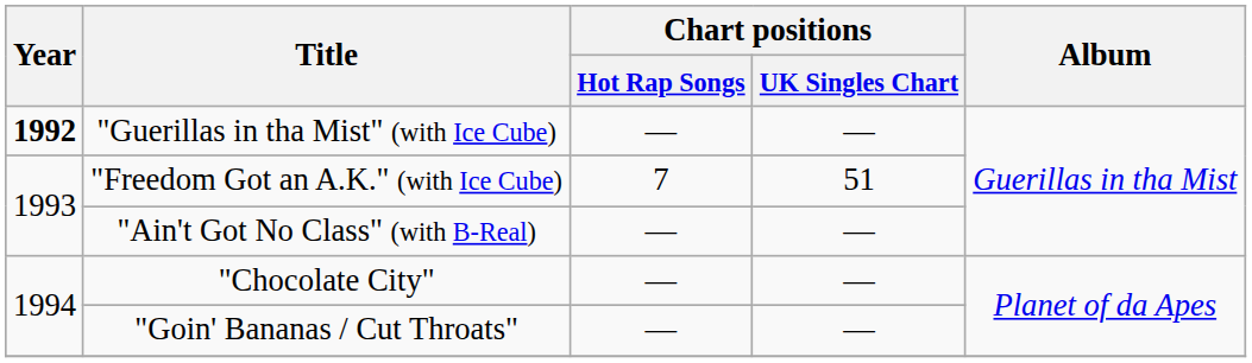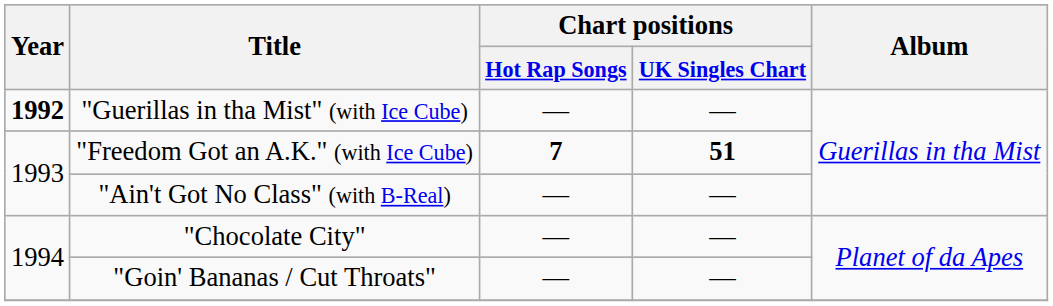 <table class="wikitable" style="text-align:center">
 <tr>
 <th rowspan="2">Year</th>
 <th rowspan="2">Title</th>
 <th colspan="2">Chart positions</th>
 <th rowspan="2">Album</th>
 </tr>
 <tr>
 <th><small><a href='#'>Hot Rap Songs</a></small></th>
 <th><small><a href='#'>UK Singles Chart</a></small></th>
 </tr>
 <tr>
 <td><strong>1992</strong></td>
 <td>"Guerillas in tha Mist" <small>(with <a href='#'>Ice Cube</a>)</small></td>
 <td>—</td>
 <td>—</td>
 <td rowspan="3"><em><a href='#'>Guerillas in tha Mist</a></em></td>
 </tr>
 <tr>
 <td rowspan="2">1993</td>
 <td>"Freedom Got an A.K." <small>(with <a href='#'>Ice Cube</a>)</small></td>
-<td>7</td>
-<td>51</td>
+<td><strong>7</strong></td>
+<td><strong>51</strong></td>
 </tr>
 <tr>
 <td>"Ain't Got No Class" <small>(with <a href='#'>B-Real</a>)</small></td>
 <td>—</td>
 <td>—</td>
 </tr>
 <tr>
 <td rowspan="2">1994</td>
 <td>"Chocolate City"</td>
 <td>—</td>
 <td>—</td>
 <td rowspan="2"><em><a href='#'>Planet of da Apes</a></em></td>
 </tr>
 <tr>
 <td>"Goin' Bananas / Cut Throats"</td>
 <td>—</td>
 <td>—</td>
 </tr>
 <tr>
 </tr>
 </table>
